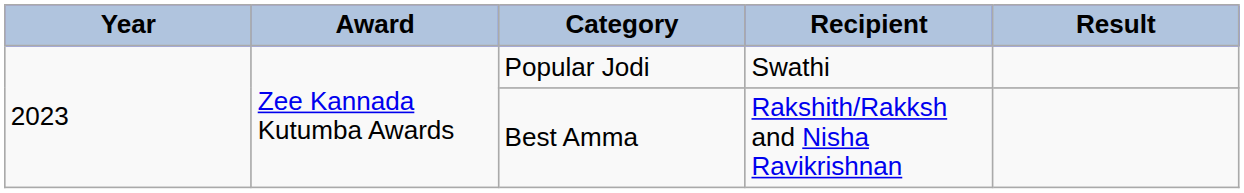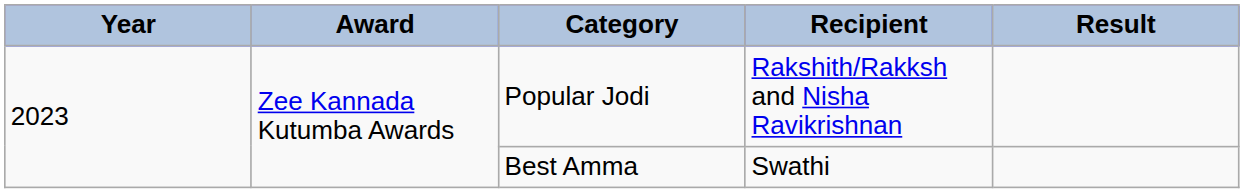 <table class="wikitable" width="60%">
 <tr bgcolor="blue">
 <th style="width:100pt; background:LightSteelBlue;">Year</th>
 <th style="width:100pt; background:LightSteelBlue;">Award</th>
 <th style="width:100pt; background:LightSteelBlue;">Category</th>
 <th style="width:100pt; background:LightSteelBlue;">Recipient</th>
 <th style="width:100pt; background:LightSteelBlue;">Result</th>
 </tr>
 <tr>
 <td rowspan="6">2023</td>
 <td rowspan="6"><a href='#'>Zee Kannada</a> Kutumba Awards</td>
 <td>Popular Jodi</td>
-<td>Swathi</td>
+<td><a href='#'>Rakshith/Rakksh</a> and <a href='#'>Nisha Ravikrishnan</a></td>
 <td></td>
 </tr>
 <tr>
 <td>Best Amma</td>
-<td><a href='#'>Rakshith/Rakksh</a> and <a href='#'>Nisha Ravikrishnan</a></td>
+<td>Swathi</td>
 <td></td>
 </tr>
 </table>
